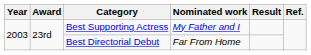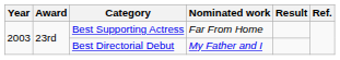 <table class="wikitable">
 <tr>
 <th>Year</th>
 <th>Award</th>
 <th>Category</th>
 <th>Nominated work</th>
 <th>Result</th>
 <th>Ref.</th>
 </tr>
 <tr>
 <td rowspan=2>2003</td>
 <td rowspan=2>23rd</td>
 <td><a href='#'>Best Supporting Actress</a></td>
-<td><em><a href='#'>My Father and I</a></em></td>
+<td><em>Far From Home</em></td>
 <td></td>
 <td rowspan=2></td>
 </tr>
 <tr>
 <td><a href='#'>Best Directorial Debut</a></td>
-<td><em>Far From Home</em></td>
+<td><em><a href='#'>My Father and I</a></em></td>
 <td></td>
 </tr>
 </table>
